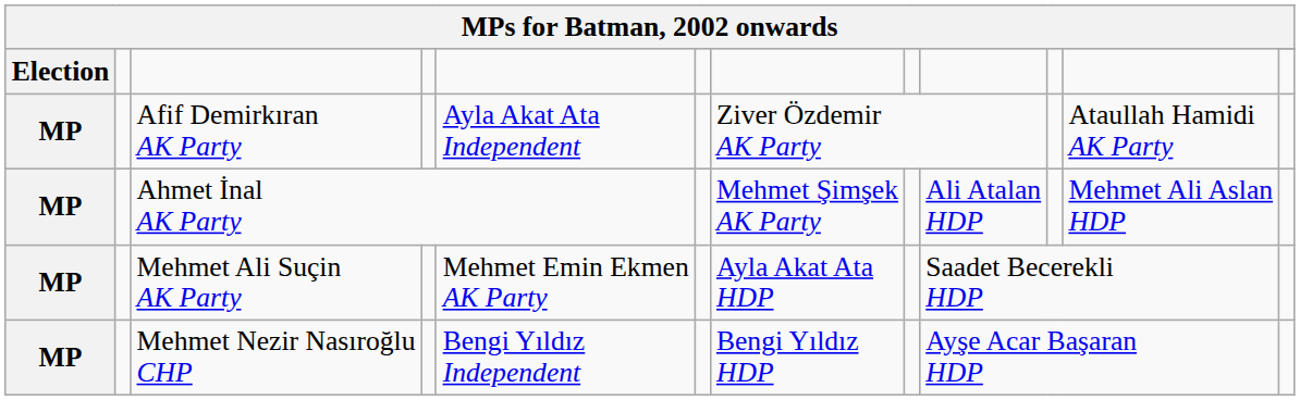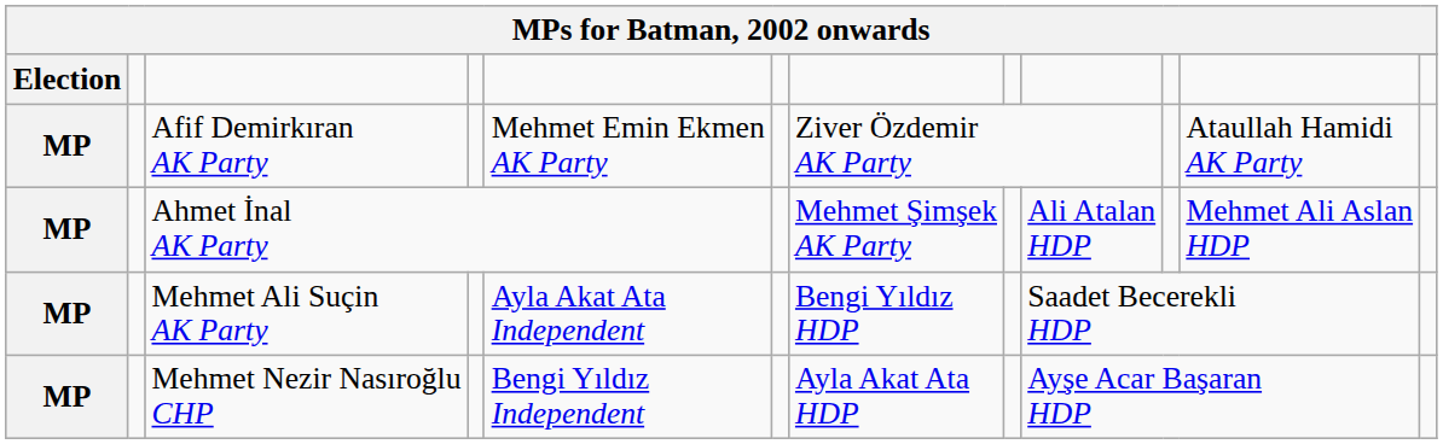 <table class="wikitable">
 <tr>
 <th colspan = 12>MPs for Batman, 2002 onwards</th>
 </tr>
 <tr>
 <th rowspan = 2>Election</th>
 <td rowspan="2" style="width:1px;"></td>
 <td rowspan = 2></td>
 <td rowspan="2" style="width:1px;"></td>
 <td rowspan = 2></td>
 <td rowspan="2" style="width:1px;"></td>
 <td rowspan = 2></td>
 <td rowspan="2" style="width:1px;"></td>
 <td rowspan = 2></td>
 <td rowspan="2" style="width:1px;"></td>
 <td rowspan = 2></td>
 </tr>
 <tr>
 <td></td>
 </tr>
 <tr>
 <th>MP</th>
 <td width=1px style="background-color: "></td>
 <td colspan = 1>Afif Demirkıran<br><em><a href='#'>AK Party</a></em></td>
 <td width=1px style="background-color: "></td>
-<td><a href='#'>Ayla Akat Ata</a><br><em><a href='#'>Independent</a></em></td>
+<td colspan = 1>Mehmet Emin Ekmen<br><em><a href='#'>AK Party</a></em></td>
 <td width=1px style="background-color: "></td>
 <td colspan = 3>Ziver Özdemir<br><em><a href='#'>AK Party</a></em></td>
 <td width=1px style="background-color: "></td>
 <td colspan = 1>Ataullah Hamidi<br><em><a href='#'>AK Party</a></em></td>
 <td width=1px style="background-color: "></td>
 </tr>
 <tr>
 <th>MP</th>
 <td width=1px style="background-color: "></td>
 <td colspan = 3>Ahmet İnal<br><em><a href='#'>AK Party</a></em></td>
 <td width=1px style="background-color: "></td>
 <td colspan = 1><a href='#'>Mehmet Şimşek</a><br><em><a href='#'>AK Party</a></em></td>
 <td width=1px style="background-color: "></td>
 <td colspan = 1><a href='#'>Ali Atalan</a><br><em><a href='#'>HDP</a></em></td>
 <td width=1px style="background-color: "></td>
 <td colspan = 1><a href='#'>Mehmet Ali Aslan</a><br><em><a href='#'>HDP</a></em></td>
 <td width=1px style="background-color: "></td>
 </tr>
 <tr>
 <th>MP</th>
 <td width=1px style="background-color: "></td>
 <td colspan = 1>Mehmet Ali Suçin<br><em><a href='#'>AK Party</a></em></td>
 <td width=1px style="background-color: "></td>
-<td colspan = 1>Mehmet Emin Ekmen<br><em><a href='#'>AK Party</a></em></td>
+<td><a href='#'>Ayla Akat Ata</a><br><em><a href='#'>Independent</a></em></td>
 <td></td>
-<td><a href='#'>Ayla Akat Ata</a><br><a href='#'><em>HDP</em></a></td>
+<td><a href='#'>Bengi Yıldız</a><br><em><a href='#'>HDP</a></em></td>
 <td width=1px style="background-color: "></td>
 <td colspan = 3>Saadet Becerekli<br><em><a href='#'>HDP</a></em></td>
 <td width=1px style="background-color: "></td>
 </tr>
 <tr>
 <th>MP</th>
 <td width=1px style="background-color: "></td>
 <td colspan = 1>Mehmet Nezir Nasıroğlu<br><em><a href='#'>CHP</a></em></td>
 <td width=1px style="background-color: "></td>
 <td><a href='#'>Bengi Yıldız</a><br><em><a href='#'>Independent</a></em></td>
 <td></td>
-<td><a href='#'>Bengi Yıldız</a><br><em><a href='#'>HDP</a></em></td>
+<td><a href='#'>Ayla Akat Ata</a><br><a href='#'><em>HDP</em></a></td>
 <td width=1px style="background-color: "></td>
 <td colspan = 3><a href='#'>Ayşe Acar Başaran</a><br><em><a href='#'>HDP</a></em></td>
 <td width=1px style="background-color: "></td>
 </tr>
 </table>
